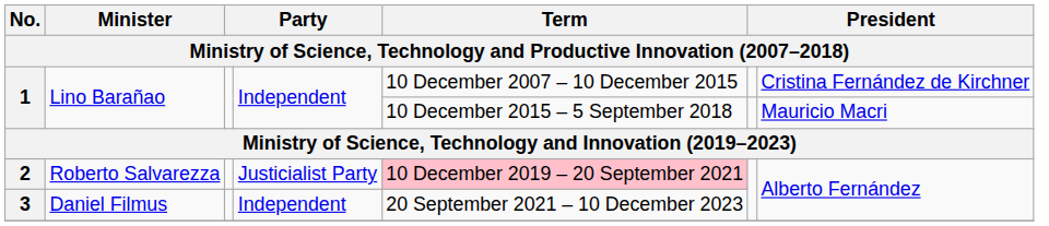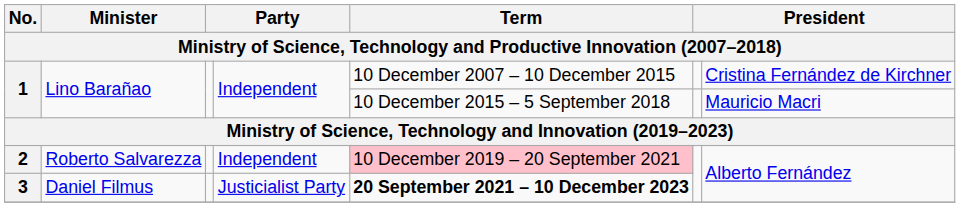 <table class="wikitable">
 <tr>
 <th>No.</th>
 <th>Minister</th>
 <th colspan="2">Party</th>
 <th>Term</th>
 <th colspan="2">President</th>
 </tr>
 <tr>
 <th colspan=7>Ministry of Science, Technology and Productive Innovation (2007–2018)</th>
 </tr>
 <tr>
 <th rowspan="2">1</th>
 <td rowspan="2"><a href='#'>Lino Barañao</a></td>
 <td rowspan="2"></td>
 <td rowspan="2"><a href='#'>Independent</a></td>
 <td>10 December 2007 – 10 December 2015</td>
 <td></td>
 <td><a href='#'>Cristina Fernández de Kirchner</a></td>
 </tr>
 <tr>
 <td>10 December 2015 – 5 September 2018</td>
 <td></td>
 <td><a href='#'>Mauricio Macri</a></td>
 </tr>
 <tr>
 <th colspan=7>Ministry of Science, Technology and Innovation (2019–2023)</th>
 </tr>
 <tr>
 <th>2</th>
 <td><a href='#'>Roberto Salvarezza</a></td>
 <td></td>
-<td><a href='#'>Justicialist Party</a></td>
+<td><a href='#'>Independent</a></td>
 <td style="background: pink;">10 December 2019 – 20 September 2021</td>
 <td rowspan="2" bgcolor=></td>
 <td rowspan="2"><a href='#'>Alberto Fernández</a></td>
 </tr>
 <tr>
 <th>3</th>
 <td><a href='#'>Daniel Filmus</a></td>
 <td bgcolor=></td>
-<td><a href='#'>Independent</a></td>
-<td>20 September 2021 – 10 December 2023</td>
+<td><a href='#'>Justicialist Party</a></td>
+<td><strong>20 September 2021 – 10 December 2023</strong></td>
 </tr>
 <tr>
 </tr>
 </table>
